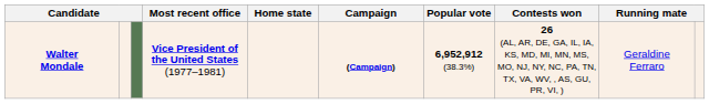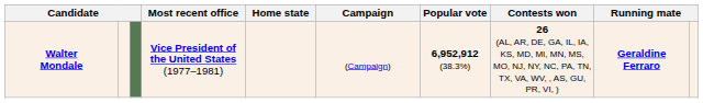 <table class="wikitable sortable" style="text-align:center">
 <tr>
 <th style="width:200px;" colspan="3">Candidate</th>
 <th style="width:150px;">Most recent office</th>
 <th style="width:100px;">Home state</th>
 <th style="width:150px;">Campaign</th>
 <th style="width:100px;">Popular vote</th>
 <th style="width:150px;">Contests won</th>
 <th style="width:150px;" colspan="2">Running mate</th>
 </tr>
 <tr style="background:#FAF0E6;">
 <td><strong><a href='#'>Walter<br>Mondale</a></strong></td>
 <td data-sort-value="Mondale"></td>
 <td style="background:#567953;"></td>
 <td><strong><a href='#'>Vice President of<br>the United States</a></strong><br>(1977–1981)</td>
 <td></td>
-<td><strong><br><small>(<a href='#'>Campaign</a>)</small></strong></td>
+<td><br><small>(<a href='#'>Campaign</a>)</small></td>
 <td><strong>6,952,912</strong><br><small>(38.3%)</small></td>
 <td><strong>26</strong><br><small>(AL, AR, DE, GA, IL, IA, KS, MD, MI, MN, MS, MO, NJ, NY, NC, PA, TN, TX, VA, WV, , AS, GU, PR, VI, )</small></td>
-<td><a href='#'>Geraldine<br>Ferraro</a></td>
+<td><strong><a href='#'>Geraldine<br>Ferraro</a></strong></td>
 <td data-sort-value="Ferraro"></td>
 </tr>
 </table>
